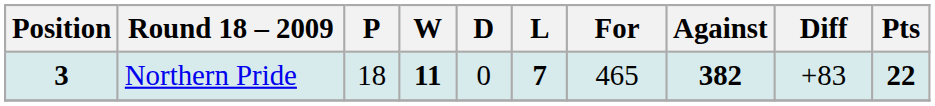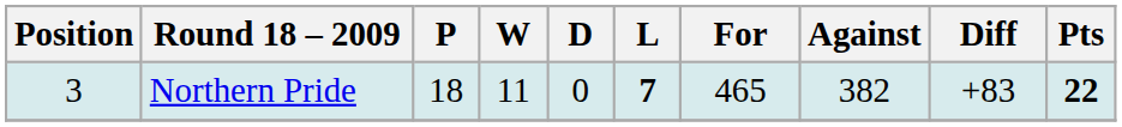 <table class="wikitable" style="text-align:center; font-size:85%;">
 <tr>
 <th width=40 abbr="Position">Position</th>
 <th width=100>Round 18 – 2009</th>
 <th width=20 abbr="Played">P</th>
 <th width=20 abbr="Won">W</th>
 <th width=20 abbr="Drawn">D</th>
 <th width=20 abbr="Lost">L</th>
 <th width=40 abbr="Points for">For</th>
 <th width=40 abbr="Points against">Against</th>
 <th width=40 abbr="Points difference">Diff</th>
 <th width=20 abbr="Points">Pts</th>
 </tr>
 <tr style="background: #d7ebed;">
-<td><strong>3</strong></td>
+<td>3</td>
 <td style="text-align:left;"> <a href='#'>Northern Pride</a></td>
 <td>18</td>
-<td><strong>11</strong></td>
+<td>11</td>
 <td>0</td>
 <td><strong>7</strong></td>
 <td>465</td>
-<td><strong>382</strong></td>
+<td>382</td>
 <td>+83</td>
 <td><strong>22</strong></td>
 </tr>
 <tr>
 </tr>
 </table>
